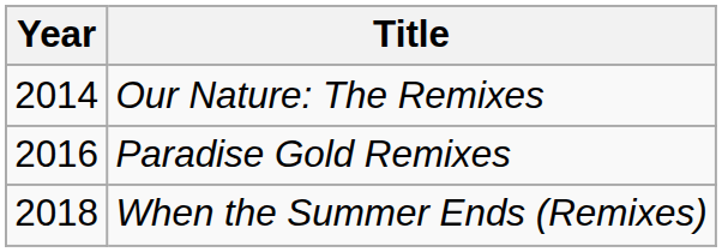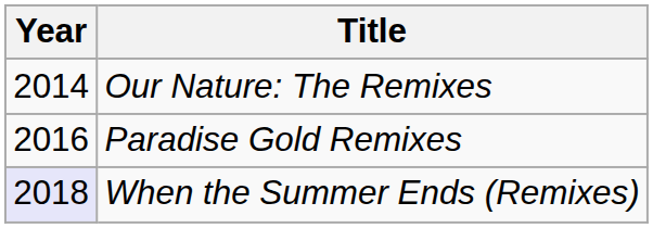 <table class="wikitable">
 <tr>
 <th>Year</th>
 <th>Title</th>
 </tr>
 <tr>
 <td>2014</td>
 <td><em>Our Nature: The Remixes</em></td>
 </tr>
 <tr>
 <td>2016</td>
 <td><em>Paradise Gold Remixes</em></td>
 </tr>
 <tr>
-<td>2018</td>
+<td style="background: lavender;">2018</td>
 <td><em>When the Summer Ends (Remixes)</em></td>
 </tr>
 </table>
